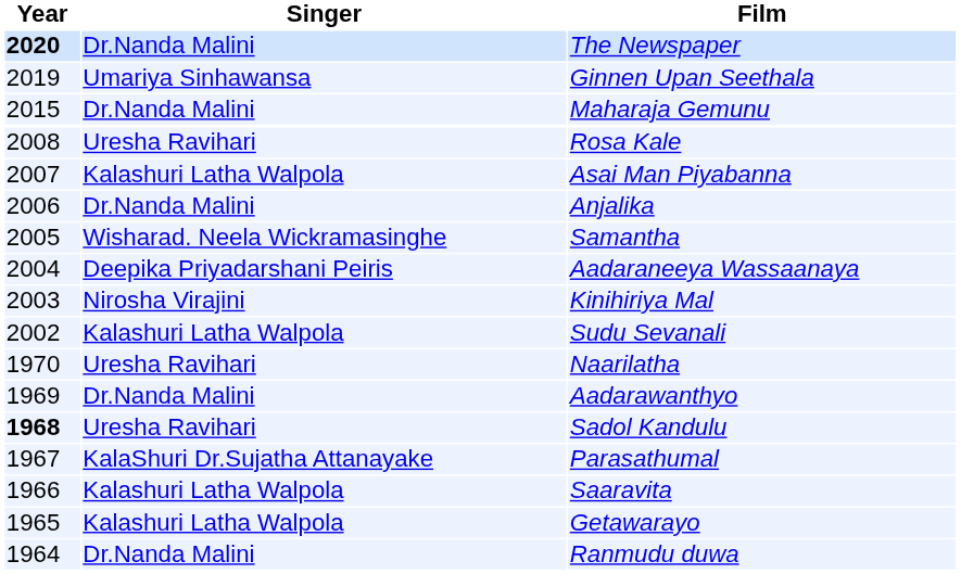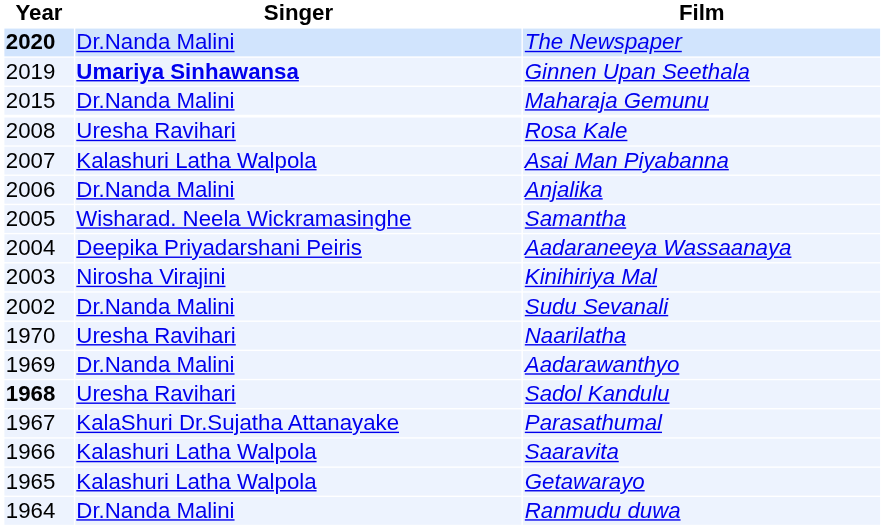 <table cellspacing="1" cellpadding="1" border="0" width="50%">
 <tr>
 <th>Year</th>
 <th>Singer</th>
 <th>Film</th>
 </tr>
 <tr bgcolor="#d1e4fd">
 <td><strong>2020</strong></td>
 <td><a href='#'>Dr.Nanda Malini</a></td>
 <td><em><a href='#'>The Newspaper</a></em></td>
 </tr>
 <tr bgcolor=#edf3fe>
 <td>2019</td>
-<td><a href='#'>Umariya Sinhawansa</a></td>
+<td><strong><a href='#'>Umariya Sinhawansa</a></strong></td>
 <td><em><a href='#'>Ginnen Upan Seethala</a> </em></td>
 </tr>
 <tr bgcolor=#edf3fe>
 <td>2015</td>
 <td><a href='#'>Dr.Nanda Malini</a></td>
 <td><em><a href='#'>Maharaja Gemunu</a></em></td>
 </tr>
 <tr bgcolor=#edf3fe>
 </tr>
 <tr bgcolor=#edf3fe>
 <td>2008</td>
 <td><a href='#'>Uresha Ravihari</a></td>
 <td><em><a href='#'>Rosa Kale</a></em></td>
 </tr>
 <tr bgcolor=#edf3fe>
 <td>2007</td>
 <td><a href='#'>Kalashuri Latha Walpola</a></td>
 <td><em><a href='#'>Asai Man Piyabanna</a></em></td>
 </tr>
 <tr bgcolor=#edf3fe>
 <td>2006</td>
 <td><a href='#'>Dr.Nanda Malini</a></td>
 <td><em><a href='#'>Anjalika</a></em></td>
 </tr>
 <tr bgcolor=#edf3fe>
 <td>2005</td>
 <td><a href='#'>Wisharad. Neela Wickramasinghe</a></td>
 <td><em><a href='#'>Samantha</a></em></td>
 </tr>
 <tr bgcolor=#edf3fe>
 <td>2004</td>
 <td><a href='#'>Deepika Priyadarshani Peiris</a></td>
 <td><em><a href='#'>Aadaraneeya Wassaanaya</a></em></td>
 </tr>
 <tr bgcolor=#edf3fe>
 <td>2003</td>
 <td><a href='#'>Nirosha Virajini</a></td>
 <td><em><a href='#'>Kinihiriya Mal</a></em></td>
 </tr>
 <tr bgcolor=#edf3fe>
 <td>2002</td>
-<td><a href='#'>Kalashuri Latha Walpola</a></td>
+<td><a href='#'>Dr.Nanda Malini</a></td>
 <td><em><a href='#'>Sudu Sevanali</a></em></td>
 </tr>
 <tr bgcolor=#edf3fe>
 <td>1970</td>
 <td><a href='#'>Uresha Ravihari</a></td>
 <td><em><a href='#'>Naarilatha</a></em></td>
 </tr>
 <tr bgcolor=#edf3fe>
 <td>1969</td>
 <td><a href='#'>Dr.Nanda Malini</a></td>
 <td><em><a href='#'>Aadarawanthyo</a></em></td>
 </tr>
 <tr bgcolor=#edf3fe>
 <td><strong>1968</strong></td>
 <td><a href='#'>Uresha Ravihari</a></td>
 <td><em><a href='#'>Sadol Kandulu</a></em></td>
 </tr>
 <tr bgcolor=#edf3fe>
 <td>1967</td>
 <td><a href='#'>KalaShuri Dr.Sujatha Attanayake</a></td>
 <td><em><a href='#'>Parasathumal</a></em></td>
 </tr>
 <tr bgcolor=#edf3fe>
 <td>1966</td>
 <td><a href='#'>Kalashuri Latha Walpola</a></td>
 <td><em><a href='#'>Saaravita</a></em></td>
 </tr>
 <tr bgcolor=#edf3fe>
 <td>1965</td>
 <td><a href='#'>Kalashuri Latha Walpola</a></td>
 <td><em><a href='#'>Getawarayo</a></em></td>
 </tr>
 <tr bgcolor=#edf3fe>
 <td>1964</td>
 <td><a href='#'>Dr.Nanda Malini</a></td>
 <td><em><a href='#'>Ranmudu duwa</a></em></td>
 </tr>
 </table>
